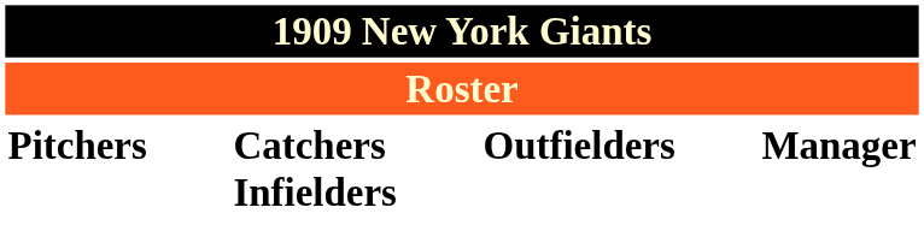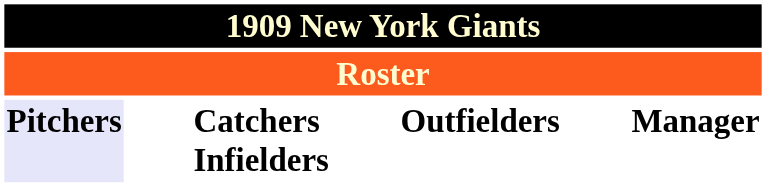 <table class="toccolours" style="font-size: 95%;">
 <tr>
 <th colspan="10" style="background-color: black; color: #FFFDD0; text-align: center;">1909 New York Giants</th>
 </tr>
 <tr>
 <td colspan="10" style="background-color: #fd5a1e; color: #FFFDD0; text-align: center;"><strong>Roster</strong></td>
 </tr>
 <tr>
-<td valign="top"><strong>Pitchers</strong><br>           </td>
+<td valign="top" style="background: lavender;"><strong>Pitchers</strong><br>           </td>
 <td width="25px"></td>
 <td valign="top"><strong>Catchers</strong><br>   <strong>Infielders</strong>        </td>
 <td width="25px"></td>
 <td valign="top"><strong>Outfielders</strong><br>      </td>
 <td width="25px"></td>
 <td valign="top"><strong>Manager</strong><br></td>
 </tr>
 </table>
